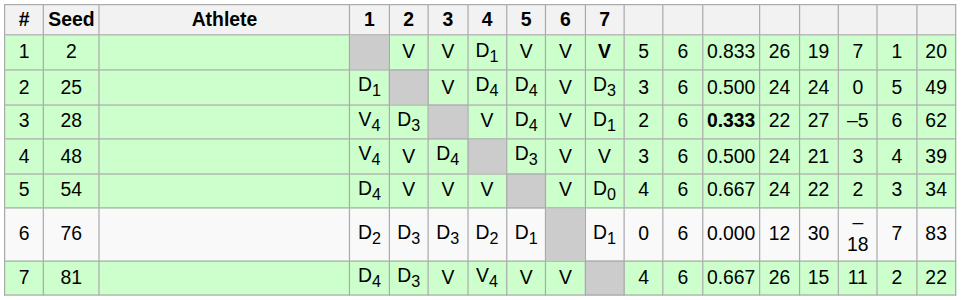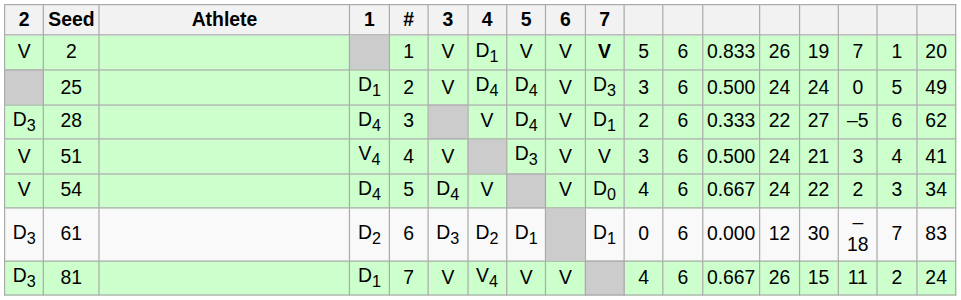 <table class="wikitable" style="text-align:center">
 <tr>
-<th width="25">#</th>
+<th width="25">2</th>
 <th width="25">Seed</th>
 <th width="200">Athlete</th>
 <th width="25">1</th>
-<th width="25">2</th>
+<th width="25">#</th>
 <th width="25">3</th>
 <th width="25">4</th>
 <th width="25">5</th>
 <th width="25">6</th>
 <th width="25">7</th>
 <th width="25"></th>
 <th width="25"></th>
 <th width="40"></th>
 <th width="25"></th>
 <th width="25"></th>
 <th width="25"></th>
 <th width="25"></th>
 <th width="25"></th>
 </tr>
 <tr bgcolor="#ccffcc">
-<td>1</td>
+<td>V</td>
 <td>2</td>
 <td align=left></td>
 <td bgcolor="#cccccc"></td>
-<td>V</td>
+<td>1</td>
 <td>V</td>
 <td>D<sub>1</sub></td>
 <td>V</td>
 <td>V</td>
 <td><strong>V</strong></td>
 <td>5</td>
 <td>6</td>
 <td>0.833</td>
 <td>26</td>
 <td>19</td>
 <td>7</td>
 <td>1</td>
 <td>20</td>
 </tr>
 <tr bgcolor="#ccffcc">
-<td>2</td>
+<td bgcolor="#cccccc"></td>
 <td>25</td>
 <td align=left></td>
 <td>D<sub>1</sub></td>
-<td bgcolor="#cccccc"></td>
+<td>2</td>
 <td>V</td>
 <td>D<sub>4</sub></td>
 <td>D<sub>4</sub></td>
 <td>V</td>
 <td>D<sub>3</sub></td>
 <td>3</td>
 <td>6</td>
 <td>0.500</td>
 <td>24</td>
 <td>24</td>
 <td>0</td>
 <td>5</td>
 <td>49</td>
 </tr>
 <tr bgcolor="#ccffcc">
-<td>3</td>
+<td>D<sub>3</sub></td>
 <td>28</td>
 <td align=left></td>
-<td>V<sub>4</sub></td>
-<td>D<sub>3</sub></td>
+<td>D<sub>4</sub></td>
+<td>3</td>
 <td bgcolor="#cccccc"></td>
 <td>V</td>
 <td>D<sub>4</sub></td>
 <td>V</td>
 <td>D<sub>1</sub></td>
 <td>2</td>
 <td>6</td>
-<td><strong>0.333</strong></td>
+<td>0.333</td>
 <td>22</td>
 <td>27</td>
 <td>–5</td>
 <td>6</td>
 <td>62</td>
 </tr>
 <tr bgcolor="#ccffcc">
-<td>4</td>
-<td>48</td>
+<td>V</td>
+<td>51</td>
 <td align=left></td>
 <td>V<sub>4</sub></td>
+<td>4</td>
 <td>V</td>
-<td>D<sub>4</sub></td>
 <td bgcolor="#cccccc"></td>
 <td>D<sub>3</sub></td>
 <td>V</td>
 <td>V</td>
 <td>3</td>
 <td>6</td>
 <td>0.500</td>
 <td>24</td>
 <td>21</td>
 <td>3</td>
 <td>4</td>
-<td>39</td>
+<td>41</td>
 </tr>
 <tr bgcolor="#ccffcc">
-<td>5</td>
+<td>V</td>
 <td>54</td>
 <td align=left></td>
 <td>D<sub>4</sub></td>
-<td>V</td>
-<td>V</td>
+<td>5</td>
+<td>D<sub>4</sub></td>
 <td>V</td>
 <td bgcolor="#cccccc"></td>
 <td>V</td>
 <td>D<sub>0</sub></td>
 <td>4</td>
 <td>6</td>
 <td>0.667</td>
 <td>24</td>
 <td>22</td>
 <td>2</td>
 <td>3</td>
 <td>34</td>
 </tr>
 <tr>
-<td>6</td>
-<td>76</td>
+<td>D<sub>3</sub></td>
+<td>61</td>
 <td align=left></td>
 <td>D<sub>2</sub></td>
-<td>D<sub>3</sub></td>
+<td>6</td>
 <td>D<sub>3</sub></td>
 <td>D<sub>2</sub></td>
 <td>D<sub>1</sub></td>
 <td bgcolor="#cccccc"></td>
 <td>D<sub>1</sub></td>
 <td>0</td>
 <td>6</td>
 <td>0.000</td>
 <td>12</td>
 <td>30</td>
 <td>–18</td>
 <td>7</td>
 <td>83</td>
 </tr>
 <tr bgcolor="#ccffcc">
-<td>7</td>
+<td>D<sub>3</sub></td>
 <td>81</td>
 <td align=left></td>
-<td>D<sub>4</sub></td>
-<td>D<sub>3</sub></td>
+<td>D<sub>1</sub></td>
+<td>7</td>
 <td>V</td>
 <td>V<sub>4</sub></td>
 <td>V</td>
 <td>V</td>
 <td bgcolor="#cccccc"></td>
 <td>4</td>
 <td>6</td>
 <td>0.667</td>
 <td>26</td>
 <td>15</td>
 <td>11</td>
 <td>2</td>
-<td>22</td>
+<td>24</td>
 </tr>
 </table>
